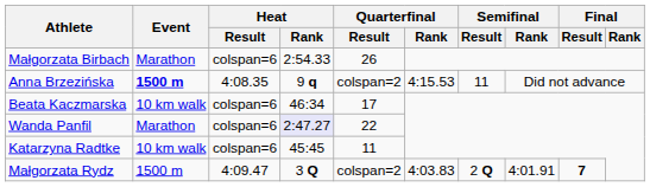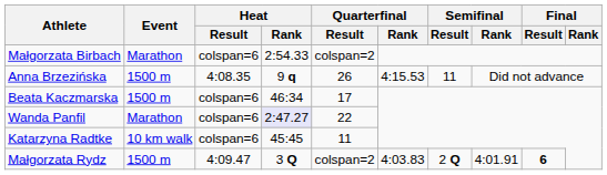 <table class="wikitable" style="font-size:90%">
 <tr>
 <th rowspan="2">Athlete</th>
 <th rowspan="2">Event</th>
 <th colspan="2">Heat</th>
 <th colspan="2">Quarterfinal</th>
 <th colspan="2">Semifinal</th>
 <th colspan="2">Final</th>
 </tr>
 <tr style="font-size:95%">
 <th>Result</th>
 <th>Rank</th>
 <th>Result</th>
 <th>Rank</th>
 <th>Result</th>
 <th>Rank</th>
 <th>Result</th>
 <th>Rank</th>
 </tr>
 <tr align=center>
 <td align=left><a href='#'>Małgorzata Birbach</a></td>
 <td align=left><a href='#'>Marathon</a></td>
 <td>colspan=6 </td>
 <td>2:54.33</td>
-<td>26</td>
+<td>colspan=2 </td>
 </tr>
 <tr align=center>
 <td align=left><a href='#'>Anna Brzezińska</a></td>
-<td align=left><strong><a href='#'>1500 m</a></strong></td>
+<td align=left><a href='#'>1500 m</a></td>
 <td>4:08.35</td>
 <td>9 <strong>q</strong></td>
-<td>colspan=2 </td>
+<td>26</td>
 <td>4:15.53</td>
 <td>11</td>
 <td colspan=6>Did not advance</td>
 </tr>
 <tr align=center>
 <td align=left><a href='#'>Beata Kaczmarska</a></td>
-<td align=left><a href='#'>10 km walk</a></td>
+<td align=left><a href='#'>1500 m</a></td>
 <td>colspan=6 </td>
 <td>46:34</td>
 <td>17</td>
 </tr>
 <tr align=center>
 <td align=left><a href='#'>Wanda Panfil</a></td>
 <td align=left><a href='#'>Marathon</a></td>
 <td>colspan=6 </td>
 <td style="background: lavender;">2:47.27</td>
 <td>22</td>
 </tr>
 <tr align=center>
 <td align=left><a href='#'>Katarzyna Radtke</a></td>
 <td align=left><a href='#'>10 km walk</a></td>
 <td>colspan=6 </td>
 <td>45:45</td>
 <td>11</td>
 </tr>
 <tr align=center>
 <td align=left rowspan=2><a href='#'>Małgorzata Rydz</a></td>
 <td align=left><a href='#'>1500 m</a></td>
 <td>4:09.47</td>
 <td>3 <strong>Q</strong></td>
 <td>colspan=2 </td>
 <td>4:03.83</td>
 <td>2 <strong>Q</strong></td>
 <td>4:01.91</td>
-<td><strong>7</strong></td>
+<td><strong>6</strong></td>
 </tr>
 </table>
